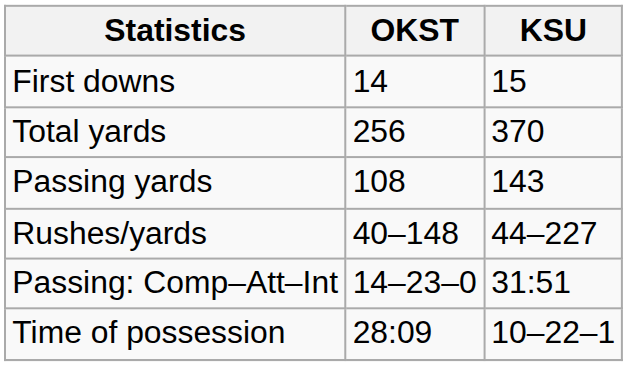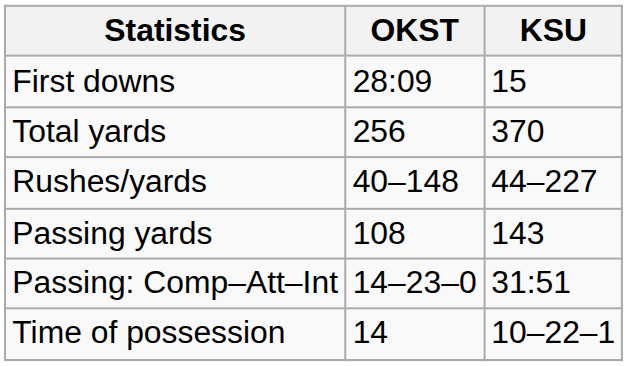 <table class="wikitable" style="float: left;">
 <tr>
 <th>Statistics</th>
 <th>OKST</th>
 <th>KSU</th>
 </tr>
 <tr>
 <td>First downs</td>
-<td>14</td>
+<td>28:09</td>
 <td>15</td>
 </tr>
 <tr>
 <td>Total yards</td>
 <td>256</td>
 <td>370</td>
 </tr>
 <tr>
+<td>Rushes/yards</td>
+<td>40–148</td>
+<td>44–227</td>
+</tr>
+<tr>
 <td>Passing yards</td>
 <td>108</td>
 <td>143</td>
-</tr>
-<tr>
-<td>Rushes/yards</td>
-<td>40–148</td>
-<td>44–227</td>
 </tr>
 <tr>
 <td>Passing: Comp–Att–Int</td>
 <td>14–23–0</td>
 <td>31:51</td>
 </tr>
 <tr>
 <td>Time of possession</td>
-<td>28:09</td>
+<td>14</td>
 <td>10–22–1</td>
 </tr>
 <tr>
 </tr>
 </table>
